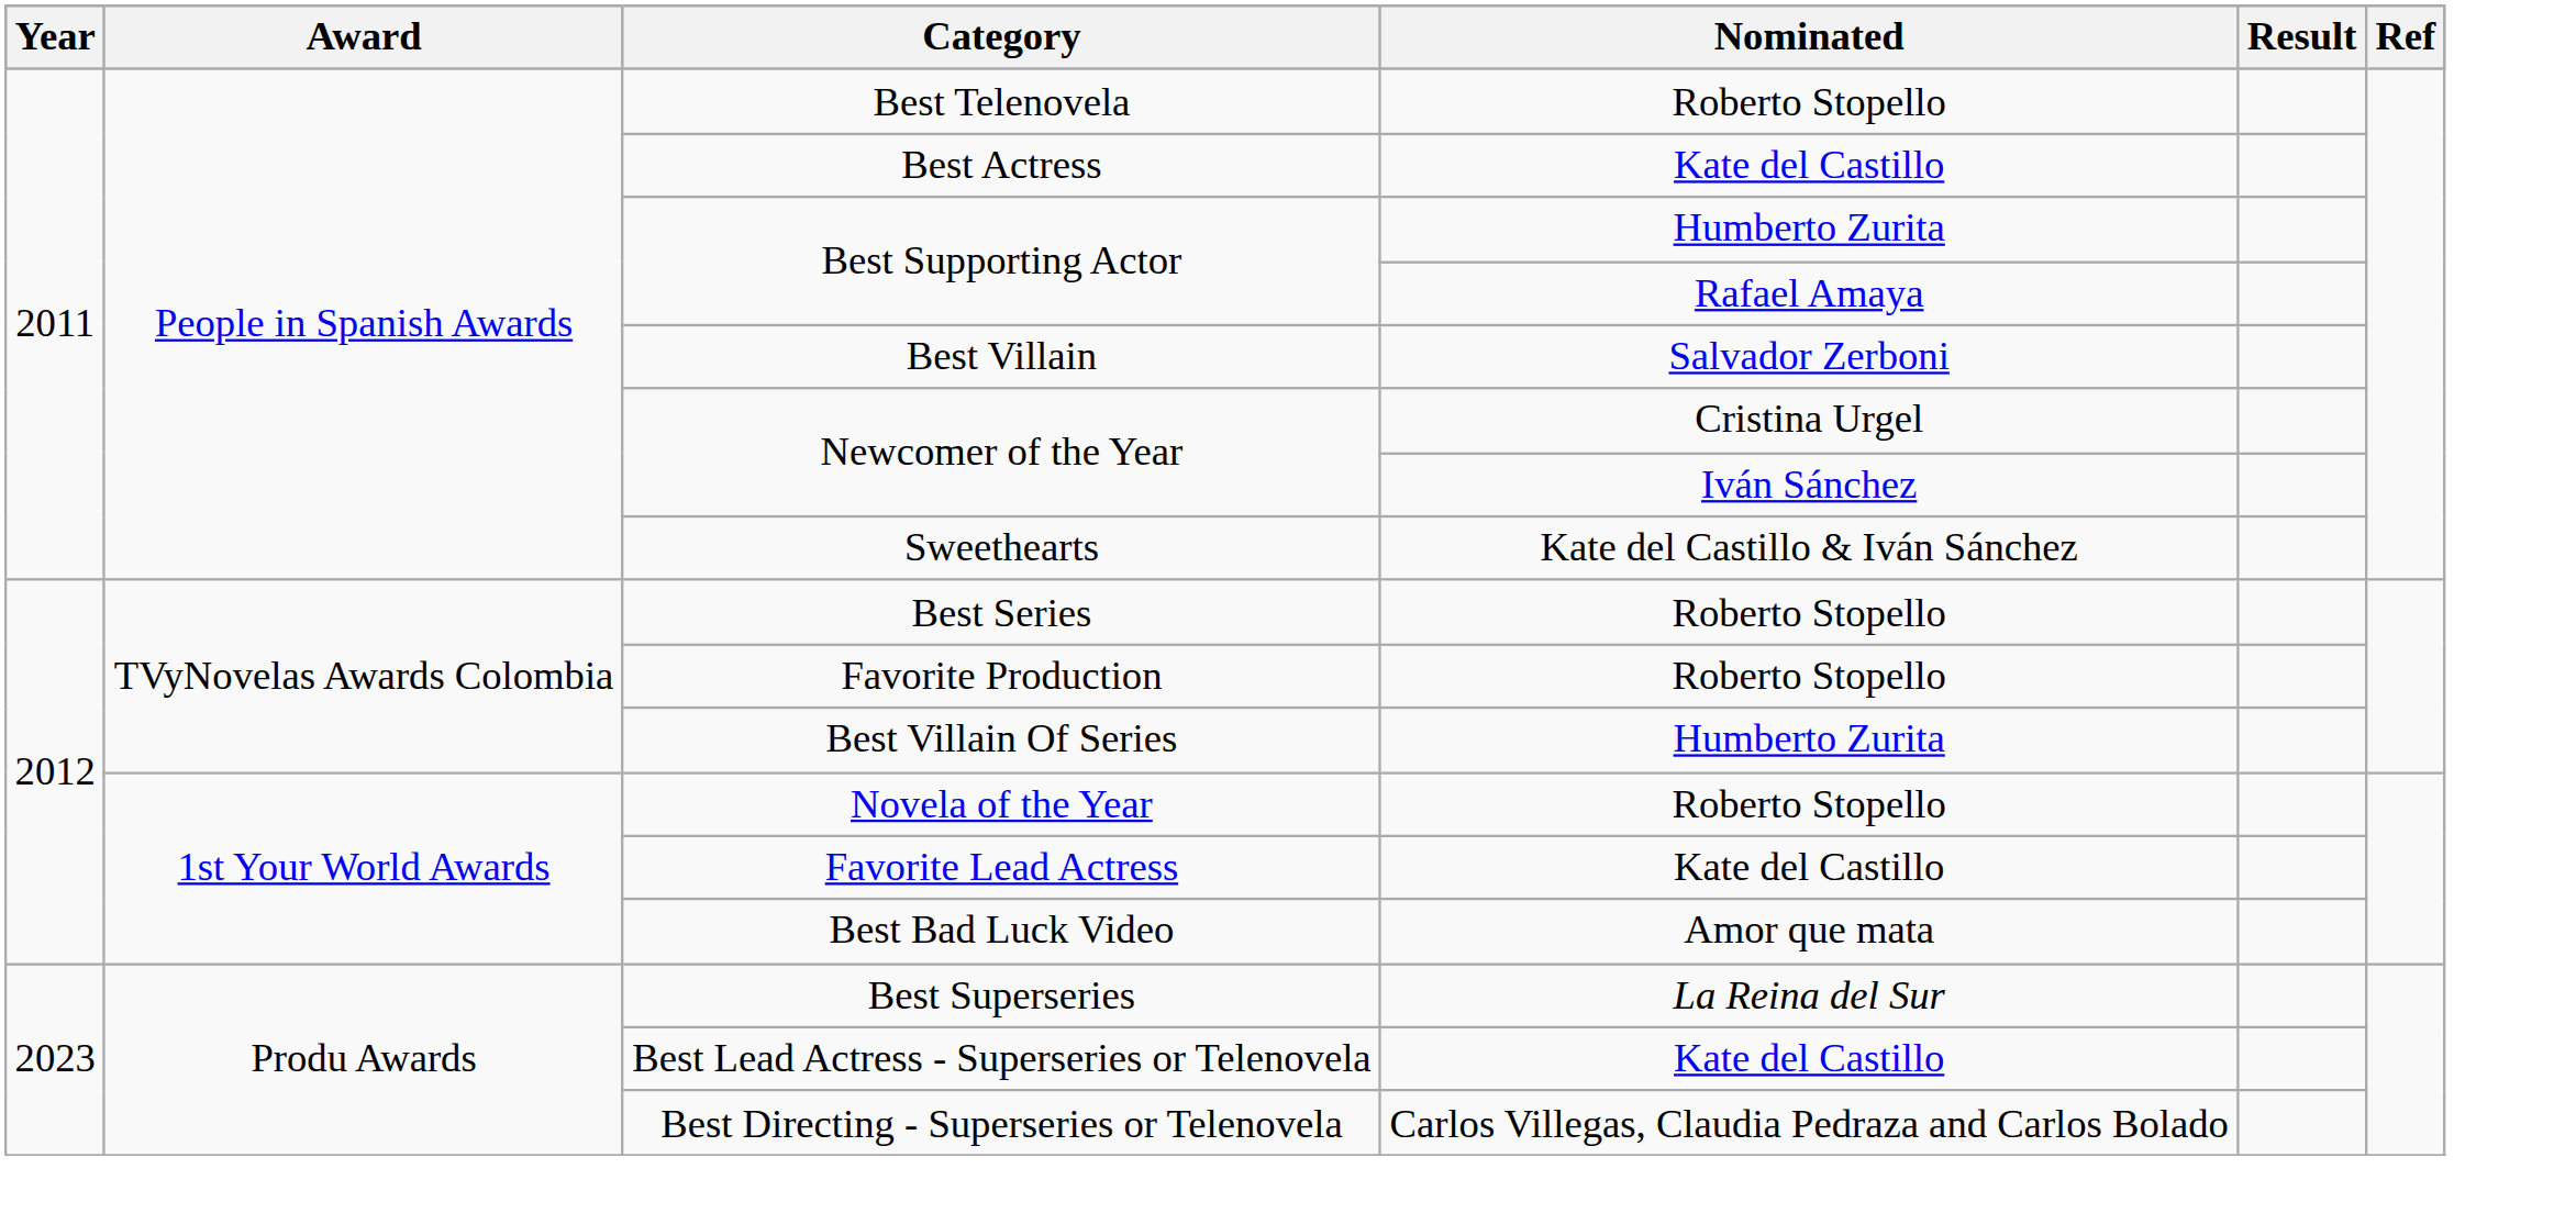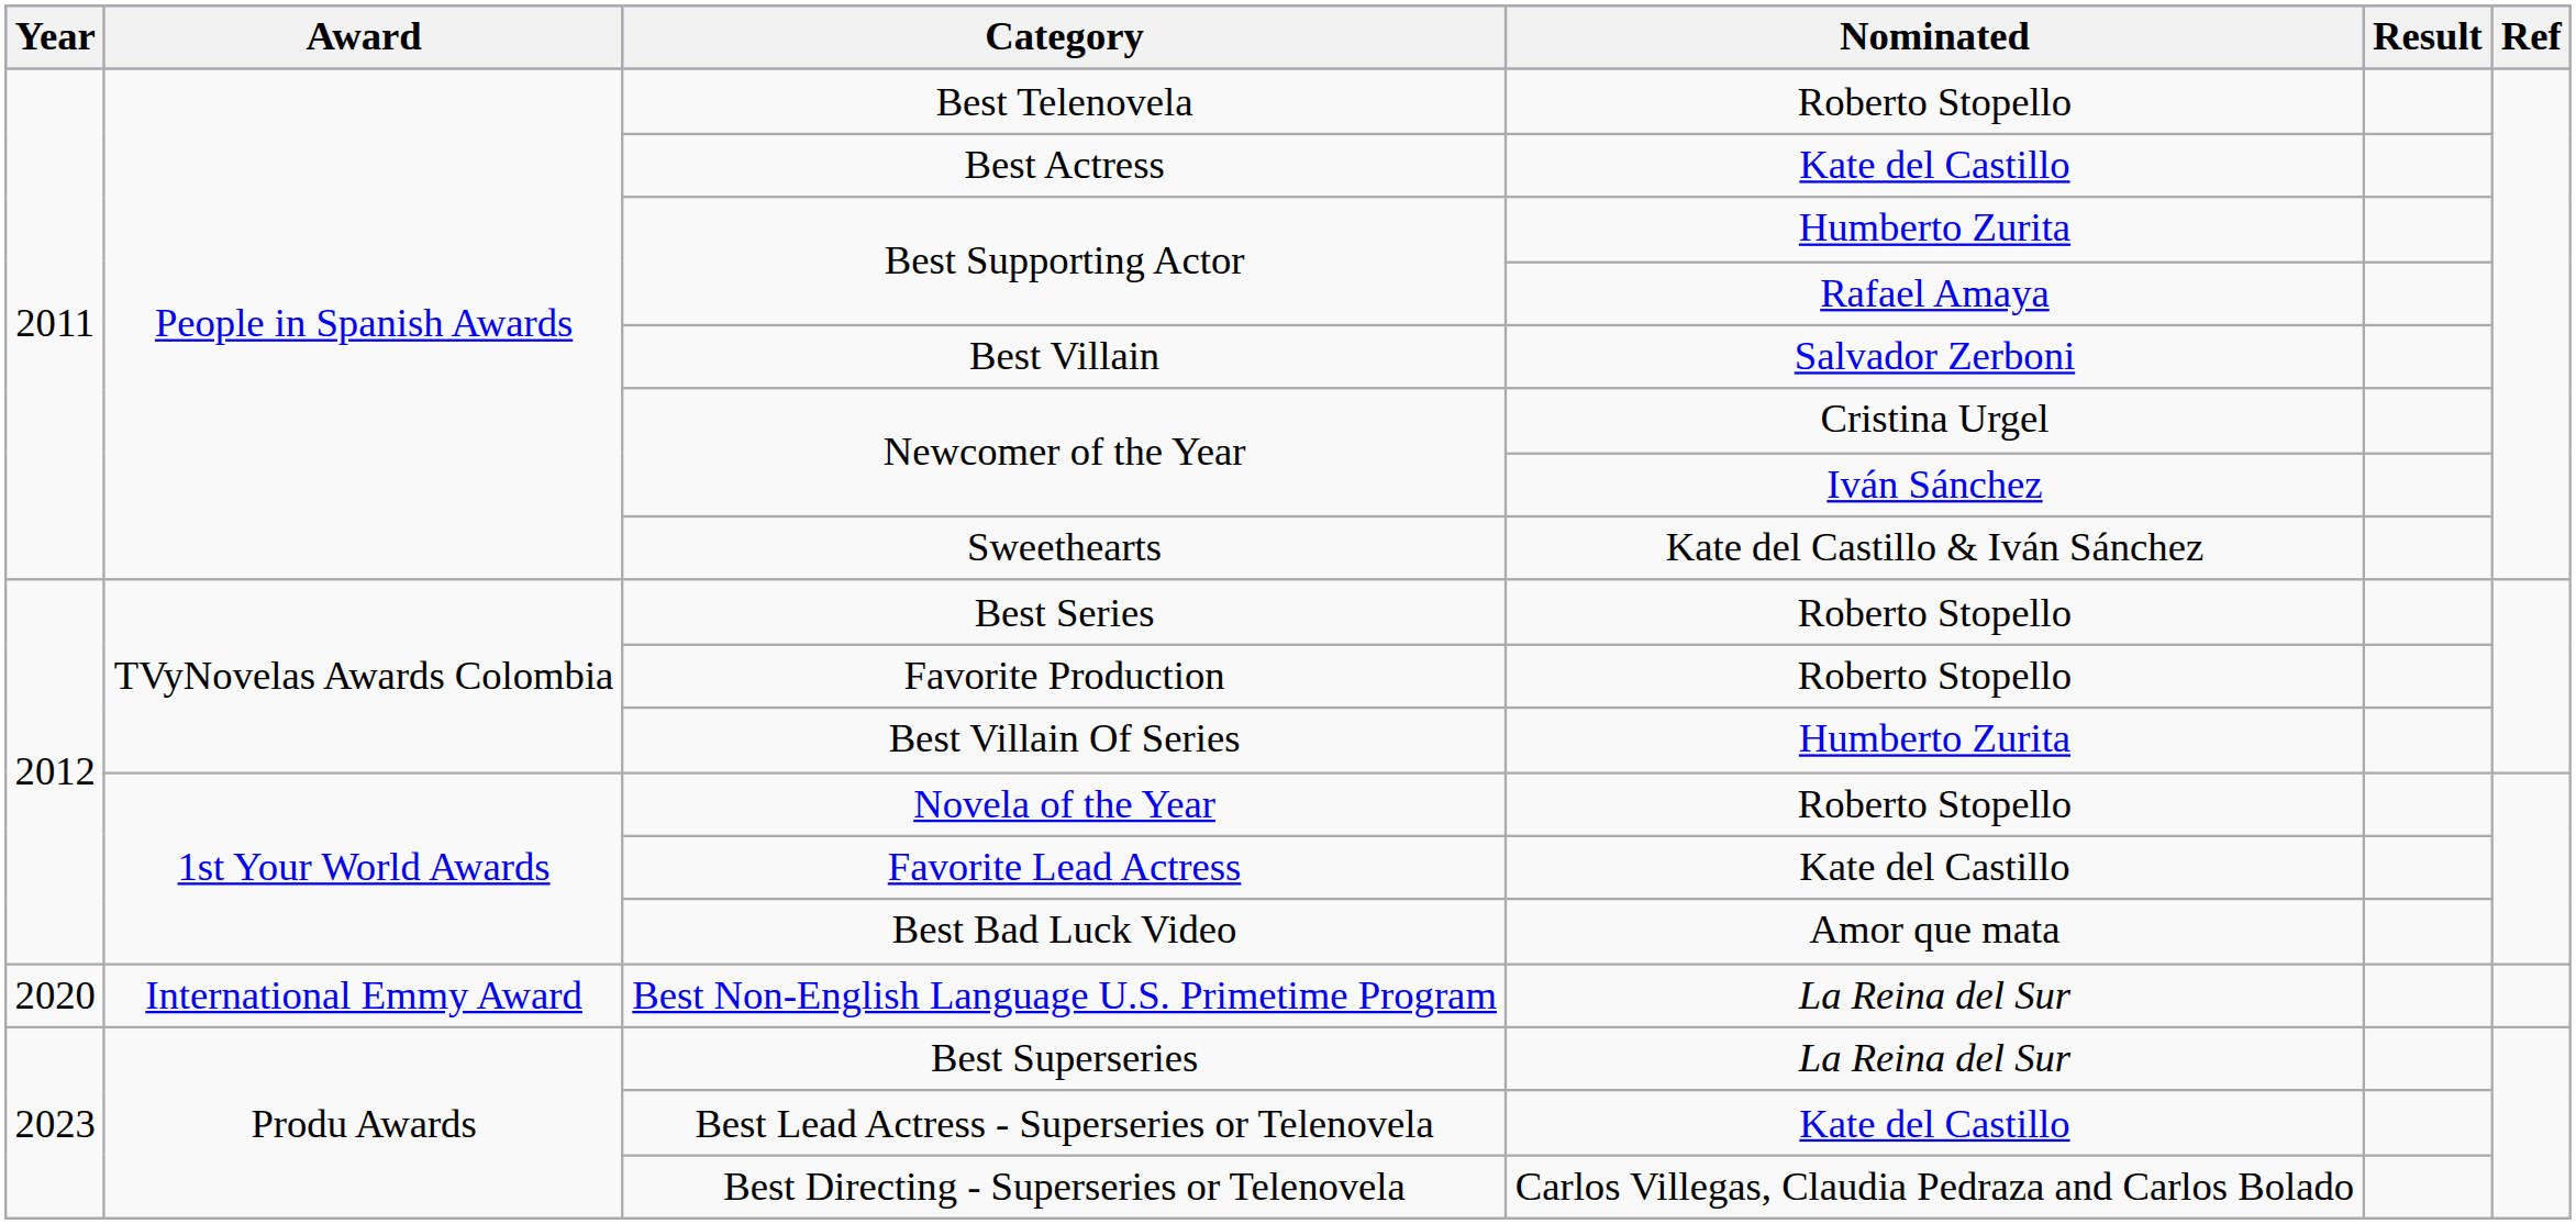 <table class="wikitable plainrowheaders" style="text-align:center;">
 <tr style="background:#96c;">
 <th scope="col">Year</th>
 <th scope="col">Award</th>
 <th scope="col">Category</th>
 <th scope="col">Nominated</th>
 <th scope="col">Result</th>
 <th scope="col">Ref</th>
 </tr>
 <tr>
 <td scope="row" rowspan="8">2011</td>
 <td rowspan="8"><a href='#'>People in Spanish Awards</a></td>
 <td scope="row">Best Telenovela</td>
 <td>Roberto Stopello</td>
 <td></td>
 <td align="center" rowspan="8"></td>
 </tr>
 <tr>
 <td scope="row">Best Actress</td>
 <td><a href='#'>Kate del Castillo</a></td>
 <td></td>
 </tr>
 <tr>
 <td rowspan="2" scope="row">Best Supporting Actor</td>
 <td><a href='#'>Humberto Zurita</a></td>
 <td></td>
 </tr>
 <tr>
 <td><a href='#'>Rafael Amaya</a></td>
 <td></td>
 </tr>
 <tr>
 <td scope="row">Best Villain</td>
 <td><a href='#'>Salvador Zerboni</a></td>
 <td></td>
 </tr>
 <tr>
 <td rowspan="2" scope="row">Newcomer of the Year</td>
 <td>Cristina Urgel</td>
 <td></td>
 </tr>
 <tr>
 <td><a href='#'>Iván Sánchez</a></td>
 <td></td>
 </tr>
 <tr>
 <td scope="row">Sweethearts</td>
 <td>Kate del Castillo & Iván Sánchez</td>
 <td></td>
 </tr>
 <tr>
 <td scope="row" rowspan="6">2012</td>
 <td rowspan="3">TVyNovelas Awards Colombia</td>
 <td scope="row">Best Series</td>
 <td>Roberto Stopello</td>
 <td></td>
 <td align="center" rowspan="3"></td>
 </tr>
 <tr>
 <td scope="row">Favorite Production</td>
 <td>Roberto Stopello</td>
 <td></td>
 </tr>
 <tr>
 <td scope="row">Best Villain Of Series</td>
 <td><a href='#'>Humberto Zurita</a></td>
 <td></td>
 </tr>
 <tr>
 <td rowspan="3"><a href='#'>1st Your World Awards</a></td>
 <td scope="row"><a href='#'>Novela of the Year</a></td>
 <td>Roberto Stopello</td>
 <td></td>
 <td align="center" rowspan="3"></td>
 </tr>
 <tr>
 <td scope="row"><a href='#'>Favorite Lead Actress</a></td>
 <td>Kate del Castillo</td>
 <td></td>
 </tr>
 <tr>
 <td scope="row">Best Bad Luck Video</td>
 <td>Amor que mata</td>
 <td></td>
 </tr>
 <tr>
+<td>2020</td>
+<td><a href='#'>International Emmy Award</a></td>
+<td><a href='#'>Best Non-English Language U.S. Primetime Program</a></td>
+<td><em>La Reina del Sur</em></td>
+<td></td>
+<td align="center"></td>
+</tr>
+<tr>
 <td rowspan="3">2023</td>
 <td rowspan="3">Produ Awards</td>
 <td>Best Superseries</td>
 <td><em>La Reina del Sur</em></td>
 <td></td>
 <td align="center" rowspan="3"></td>
 </tr>
 <tr>
 <td>Best Lead Actress - Superseries or Telenovela</td>
 <td><a href='#'>Kate del Castillo</a></td>
 <td></td>
 </tr>
 <tr>
 <td>Best Directing - Superseries or Telenovela</td>
 <td>Carlos Villegas, Claudia Pedraza and Carlos Bolado</td>
 <td></td>
 </tr>
 <tr>
 </tr>
 </table>
